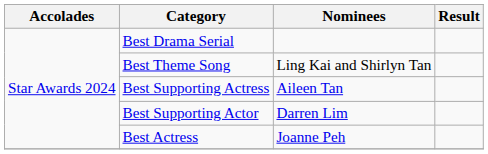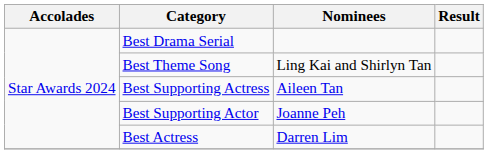 <table class="wikitable sortable">
 <tr>
 <th>Accolades</th>
 <th>Category</th>
 <th>Nominees</th>
 <th>Result</th>
 </tr>
 <tr>
 <td rowspan="5"><a href='#'>Star Awards 2024</a></td>
 <td><a href='#'>Best Drama Serial</a></td>
 <td></td>
 <td></td>
 </tr>
 <tr>
 <td><a href='#'>Best Theme Song</a></td>
 <td>Ling Kai and Shirlyn Tan</td>
 <td></td>
 </tr>
 <tr>
 <td><a href='#'>Best Supporting Actress</a></td>
 <td><a href='#'>Aileen Tan</a></td>
 <td></td>
 </tr>
 <tr>
 <td><a href='#'>Best Supporting Actor</a></td>
-<td><a href='#'>Darren Lim</a></td>
+<td><a href='#'>Joanne Peh</a></td>
 <td></td>
 </tr>
 <tr>
 <td><a href='#'>Best Actress</a></td>
-<td><a href='#'>Joanne Peh</a></td>
+<td><a href='#'>Darren Lim</a></td>
 <td></td>
 </tr>
 <tr>
 </tr>
 </table>
